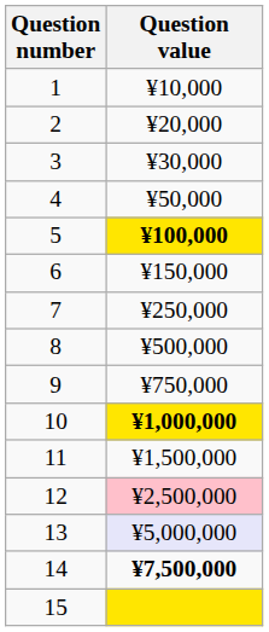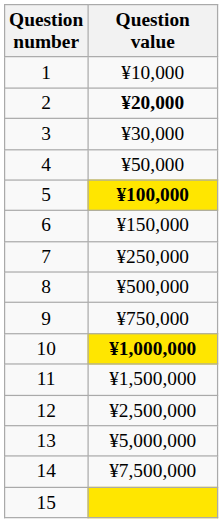 <table class="wikitable" style="text-align: center;">
 <tr>
 <th width="50">Question number</th>
 <th style="width:100px;">Question value</th>
 </tr>
 <tr>
 <td>1</td>
 <td>¥10,000</td>
 </tr>
 <tr>
 <td>2</td>
-<td>¥20,000</td>
+<td><strong>¥20,000</strong></td>
 </tr>
 <tr>
 <td>3</td>
 <td>¥30,000</td>
 </tr>
 <tr>
 <td>4</td>
 <td>¥50,000</td>
 </tr>
 <tr>
 <td>5</td>
 <td style="background: #FFE600"><strong>¥100,000</strong></td>
 </tr>
 <tr>
 <td>6</td>
 <td>¥150,000</td>
 </tr>
 <tr>
 <td>7</td>
 <td>¥250,000</td>
 </tr>
 <tr>
 <td>8</td>
 <td>¥500,000</td>
 </tr>
 <tr>
 <td>9</td>
 <td>¥750,000</td>
 </tr>
 <tr>
 <td>10</td>
 <td style="background: #FFE600"><strong>¥1,000,000</strong></td>
 </tr>
 <tr>
 <td>11</td>
 <td>¥1,500,000</td>
 </tr>
 <tr>
 <td>12</td>
-<td style="background: pink;">¥2,500,000</td>
+<td>¥2,500,000</td>
 </tr>
 <tr>
 <td>13</td>
-<td style="background: lavender;">¥5,000,000</td>
+<td>¥5,000,000</td>
 </tr>
 <tr>
 <td>14</td>
-<td><strong>¥7,500,000</strong></td>
+<td>¥7,500,000</td>
 </tr>
 <tr>
 <td>15</td>
 <td style="background: #FFE600"><strong></strong></td>
 </tr>
 </table>
